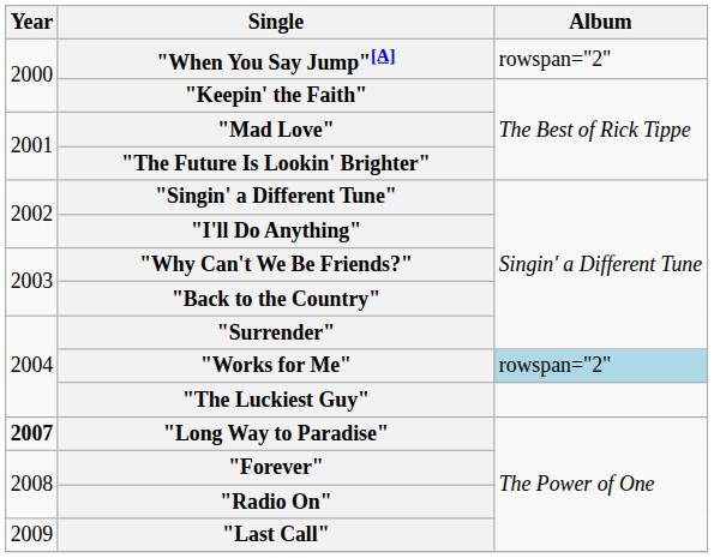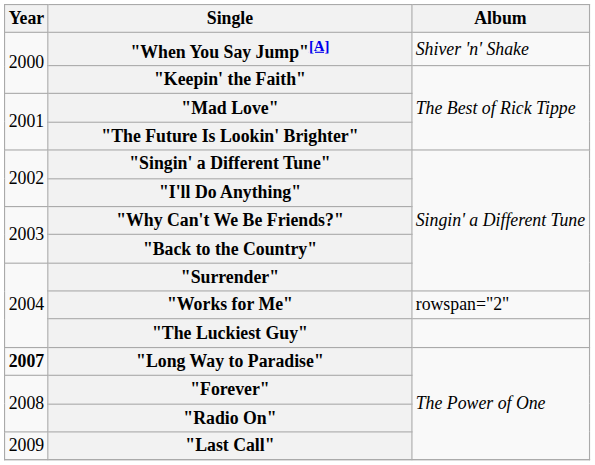 <table class="wikitable plainrowheaders">
 <tr>
 <th>Year</th>
 <th style="width:20em;">Single</th>
 <th>Album</th>
 </tr>
 <tr>
 <td rowspan="2">2000</td>
 <th scope="row">"When You Say Jump"<sup><span></span><a href='#'><strong>[A]</strong></a></sup></th>
-<td>rowspan="2" </td>
+<td><em>Shiver 'n' Shake</em></td>
 </tr>
 <tr>
 <th scope="row">"Keepin' the Faith"</th>
 <td rowspan="3"><em>The Best of Rick Tippe</em></td>
 </tr>
 <tr>
 <td rowspan="2">2001</td>
 <th scope="row">"Mad Love"</th>
 </tr>
 <tr>
 <th scope="row">"The Future Is Lookin' Brighter"</th>
 </tr>
 <tr>
 <td rowspan="2">2002</td>
 <th scope="row">"Singin' a Different Tune"</th>
 <td rowspan="5"><em>Singin' a Different Tune</em></td>
 </tr>
 <tr>
 <th scope="row">"I'll Do Anything"</th>
 </tr>
 <tr>
 <td rowspan="2">2003</td>
 <th scope="row">"Why Can't We Be Friends?"</th>
 </tr>
 <tr>
 <th scope="row">"Back to the Country"</th>
 </tr>
 <tr>
 <td rowspan="3">2004</td>
 <th scope="row">"Surrender"</th>
 </tr>
 <tr>
 <th scope="row">"Works for Me"</th>
-<td style="background: lightblue;">rowspan="2" </td>
+<td>rowspan="2" </td>
 </tr>
 <tr>
 <th scope="row">"The Luckiest Guy"</th>
 </tr>
 <tr>
 <td><strong>2007</strong></td>
 <th scope="row">"Long Way to Paradise"</th>
 <td rowspan="4"><em>The Power of One</em></td>
 </tr>
 <tr>
 <td rowspan="2">2008</td>
 <th scope="row">"Forever"</th>
 </tr>
 <tr>
 <th scope="row">"Radio On"</th>
 </tr>
 <tr>
 <td>2009</td>
 <th scope="row">"Last Call"</th>
 </tr>
 <tr>
 </tr>
 </table>
